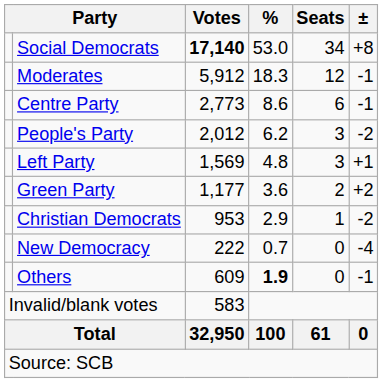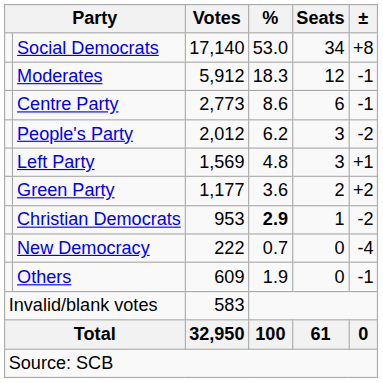 <table class=wikitable style=text-align:right>
 <tr>
 <th colspan=2>Party</th>
 <th>Votes</th>
 <th>%</th>
 <th>Seats</th>
 <th>±</th>
 </tr>
 <tr>
 <td bgcolor=></td>
 <td align=left><a href='#'>Social Democrats</a></td>
-<td><strong>17,140</strong></td>
+<td>17,140</td>
 <td>53.0</td>
 <td>34</td>
 <td>+8</td>
 </tr>
 <tr>
 <td bgcolor=></td>
 <td align=left><a href='#'>Moderates</a></td>
 <td>5,912</td>
 <td>18.3</td>
 <td>12</td>
 <td>-1</td>
 </tr>
 <tr>
 <td bgcolor=></td>
 <td align=left><a href='#'>Centre Party</a></td>
 <td>2,773</td>
 <td>8.6</td>
 <td>6</td>
 <td>-1</td>
 </tr>
 <tr>
 <td bgcolor=></td>
 <td align=left><a href='#'>People's Party</a></td>
 <td>2,012</td>
 <td>6.2</td>
 <td>3</td>
 <td>-2</td>
 </tr>
 <tr>
 <td bgcolor=></td>
 <td align=left><a href='#'>Left Party</a></td>
 <td>1,569</td>
 <td>4.8</td>
 <td>3</td>
 <td>+1</td>
 </tr>
 <tr>
 <td bgcolor=></td>
 <td align=left><a href='#'>Green Party</a></td>
 <td>1,177</td>
 <td>3.6</td>
 <td>2</td>
 <td>+2</td>
 </tr>
 <tr>
 <td bgcolor=></td>
 <td align=left><a href='#'>Christian Democrats</a></td>
 <td>953</td>
-<td>2.9</td>
+<td><strong>2.9</strong></td>
 <td>1</td>
 <td>-2</td>
 </tr>
 <tr>
 <td bgcolor=></td>
 <td align=left><a href='#'>New Democracy</a></td>
 <td>222</td>
 <td>0.7</td>
 <td>0</td>
 <td>-4</td>
 </tr>
 <tr>
 <td></td>
 <td align=left><a href='#'>Others</a></td>
 <td>609</td>
-<td><strong>1.9</strong></td>
+<td>1.9</td>
 <td>0</td>
 <td>-1</td>
 </tr>
 <tr>
 <td align=left colspan=2>Invalid/blank votes</td>
 <td>583</td>
 <td colspan=3></td>
 </tr>
 <tr>
 <th align=left colspan=2>Total</th>
 <th>32,950</th>
 <th>100</th>
 <th>61</th>
 <th>0</th>
 </tr>
 <tr>
 <td align=left colspan=6>Source: SCB </td>
 </tr>
 </table>
